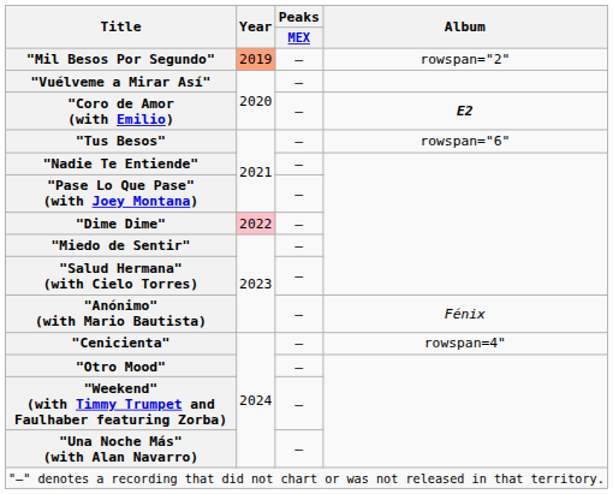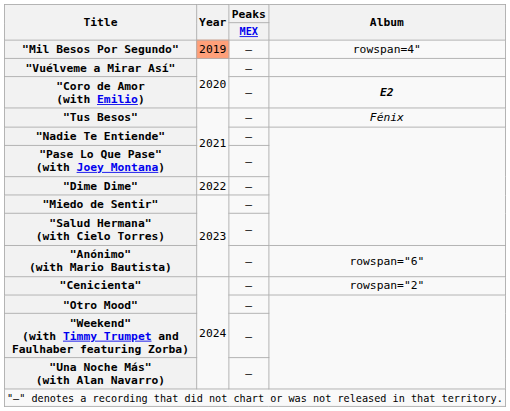 <table class="wikitable plainrowheaders" style="text-align:center;">
 <tr>
 <th scope="col" rowspan="2" style="width:16.5em;">Title</th>
 <th scope="col" rowspan="2" style="width:1em;">Year</th>
 <th scope="col" colspan="1">Peaks</th>
 <th scope="col" rowspan="2">Album</th>
 </tr>
 <tr>
 <th scope="col" style="width:3em;font-size:90%;"><a href='#'>MEX</a></th>
 </tr>
 <tr>
 <th scope="row">"Mil Besos Por Segundo"</th>
 <td style="background: lightsalmon;">2019</td>
 <td>—</td>
-<td>rowspan="2" </td>
+<td>rowspan=4" </td>
 </tr>
 <tr>
 <th scope="row">"Vuélveme a Mirar Así"</th>
 <td rowspan="2">2020</td>
 <td>—</td>
 </tr>
 <tr>
 <th scope="row">"Coro de Amor<br><span>(with <a href='#'>Emilio</a>)</span></th>
 <td>—</td>
 <td><strong><em>E2</em></strong></td>
 </tr>
 <tr>
 <th scope="row">"Tus Besos"</th>
 <td rowspan="3">2021</td>
 <td>—</td>
-<td>rowspan="6" </td>
+<td><em>Fénix</em></td>
 </tr>
 <tr>
 <th scope="row">"Nadie Te Entiende"</th>
 <td>—</td>
 </tr>
 <tr>
 <th scope="row">"Pase Lo Que Pase"<br><span>(with <a href='#'>Joey Montana</a>)</span></th>
 <td>—</td>
 </tr>
 <tr>
 <th scope="row">"Dime Dime"</th>
-<td style="background: pink;">2022</td>
+<td>2022</td>
 <td>—</td>
 </tr>
 <tr>
 <th scope="row">"Miedo de Sentir"</th>
 <td rowspan="3">2023</td>
 <td>—</td>
 </tr>
 <tr>
 <th scope="row">"Salud Hermana"<br><span>(with Cielo Torres)</span></th>
 <td>—</td>
 </tr>
 <tr>
 <th scope="row">"Anónimo"<br><span>(with Mario Bautista)</span></th>
 <td>—</td>
-<td><em>Fénix</em></td>
+<td>rowspan="6" </td>
 </tr>
 <tr>
 <th scope="row">"Cenicienta"</th>
 <td rowspan="4">2024</td>
 <td>—</td>
-<td>rowspan=4" </td>
+<td>rowspan="2" </td>
 </tr>
 <tr>
 <th scope="row">"Otro Mood"</th>
 <td>—</td>
 </tr>
 <tr>
 <th scope="row">"Weekend"<br><span>(with <a href='#'>Timmy Trumpet</a> and Faulhaber featuring Zorba)</span></th>
 <td>—</td>
 </tr>
 <tr>
 <th scope="row">"Una Noche Más"<br><span>(with Alan Navarro)</span></th>
 <td>—</td>
 </tr>
 <tr>
 <td colspan="14" style="font-size:90%">"—" denotes a recording that did not chart or was not released in that territory.</td>
 </tr>
 </table>
